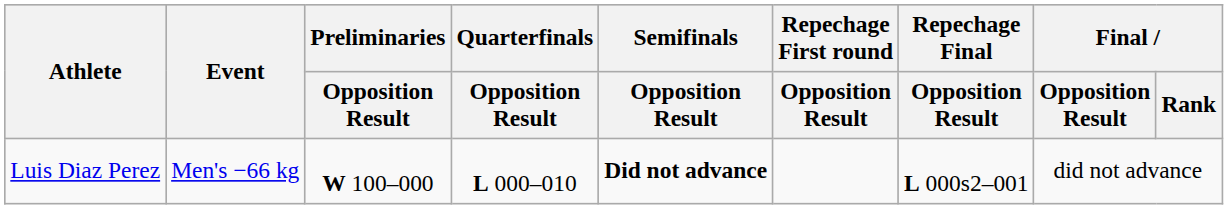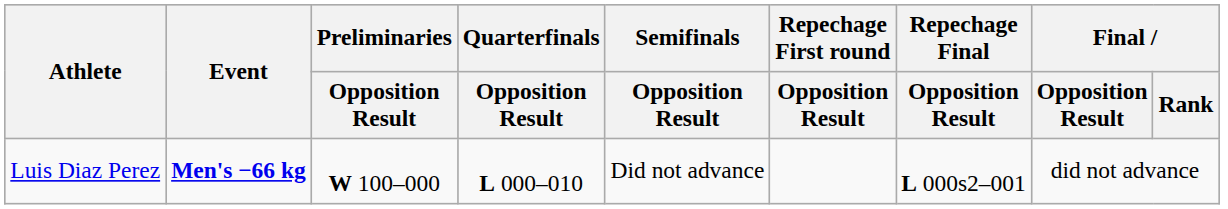 <table class="wikitable" style="font-size:90%">
 <tr>
 <th rowspan="2">Athlete</th>
 <th rowspan="2">Event</th>
 <th>Preliminaries</th>
 <th>Quarterfinals</th>
 <th>Semifinals</th>
 <th>Repechage<br>First round</th>
 <th>Repechage<br>Final</th>
 <th colspan="2">Final / </th>
 </tr>
 <tr>
 <th>Opposition<br>Result</th>
 <th>Opposition<br>Result</th>
 <th>Opposition<br>Result</th>
 <th>Opposition<br>Result</th>
 <th>Opposition<br>Result</th>
 <th>Opposition<br>Result</th>
 <th>Rank</th>
 </tr>
 <tr align=center>
 <td align=left><a href='#'>Luis Diaz Perez</a></td>
-<td align=left><a href='#'>Men's −66 kg</a></td>
+<td align=left><strong><a href='#'>Men's −66 kg</a></strong></td>
 <td><br><strong>W</strong> 100–000</td>
 <td><br><strong>L</strong> 000–010</td>
-<td><strong>Did not advance</strong></td>
+<td>Did not advance</td>
 <td></td>
 <td><br><strong>L</strong> 000s2–001</td>
 <td colspan=2>did not advance</td>
 </tr>
 </table>
